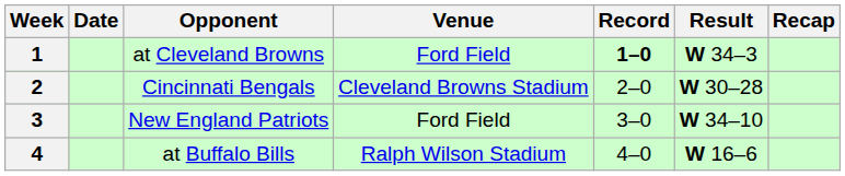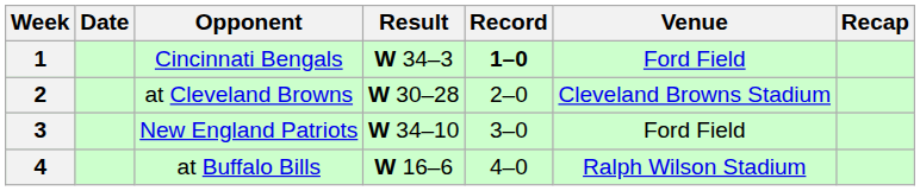 <table class="wikitable" style="text-align:center">
 <tr>
 <th>Week</th>
 <th>Date</th>
 <th>Opponent</th>
+<th>Result</th>
+<th>Record</th>
 <th>Venue</th>
-<th>Record</th>
-<th>Result</th>
 <th>Recap</th>
 </tr>
 <tr style="background:#cfc">
 <th>1</th>
 <td></td>
-<td>at <a href='#'>Cleveland Browns</a></td>
+<td><a href='#'>Cincinnati Bengals</a></td>
+<td><strong>W</strong> 34–3</td>
+<td><strong>1–0</strong></td>
 <td><a href='#'>Ford Field</a></td>
-<td><strong>1–0</strong></td>
-<td><strong>W</strong> 34–3</td>
 <td></td>
 </tr>
 <tr style="background:#cfc">
 <th>2</th>
 <td></td>
-<td><a href='#'>Cincinnati Bengals</a></td>
+<td>at <a href='#'>Cleveland Browns</a></td>
+<td><strong>W</strong> 30–28</td>
+<td>2–0</td>
 <td><a href='#'>Cleveland Browns Stadium</a></td>
-<td>2–0</td>
-<td><strong>W</strong> 30–28</td>
 <td></td>
 </tr>
 <tr style="background:#cfc">
 <th>3</th>
 <td></td>
 <td><a href='#'>New England Patriots</a></td>
+<td><strong>W</strong> 34–10</td>
+<td>3–0</td>
 <td>Ford Field</td>
-<td>3–0</td>
-<td><strong>W</strong> 34–10</td>
 <td></td>
 </tr>
 <tr style="background:#cfc">
 <th>4</th>
 <td></td>
 <td>at <a href='#'>Buffalo Bills</a></td>
+<td><strong>W</strong> 16–6</td>
+<td>4–0</td>
 <td><a href='#'>Ralph Wilson Stadium</a></td>
-<td>4–0</td>
-<td><strong>W</strong> 16–6</td>
 <td></td>
 </tr>
 </table>
